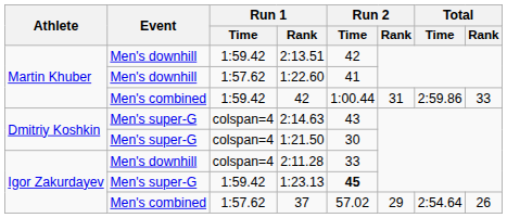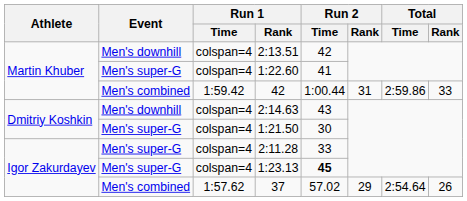 <table class="wikitable" style="font-size:90%">
 <tr>
 <th rowspan=2>Athlete</th>
 <th rowspan=2>Event</th>
 <th colspan=2>Run 1</th>
 <th colspan=2>Run 2</th>
 <th colspan=2>Total</th>
 </tr>
 <tr style="font-size:95%">
 <th>Time</th>
 <th>Rank</th>
 <th>Time</th>
 <th>Rank</th>
 <th>Time</th>
 <th>Rank</th>
 </tr>
 <tr align=center>
 <td align=left rowspan=3><a href='#'>Martin Khuber</a></td>
 <td align=left><a href='#'>Men's downhill</a></td>
-<td>1:59.42</td>
+<td>colspan=4 </td>
 <td>2:13.51</td>
 <td>42</td>
 </tr>
 <tr align=center>
-<td align=left><a href='#'>Men's downhill</a></td>
-<td>1:57.62</td>
+<td align=left><a href='#'>Men's super-G</a></td>
+<td>colspan=4 </td>
 <td>1:22.60</td>
 <td>41</td>
 </tr>
 <tr align=center>
 <td align=left><a href='#'>Men's combined</a></td>
 <td>1:59.42</td>
 <td>42</td>
 <td>1:00.44</td>
 <td>31</td>
 <td>2:59.86</td>
 <td>33</td>
 </tr>
 <tr align=center>
 <td align=left rowspan=2><a href='#'>Dmitriy Koshkin</a></td>
-<td align=left><a href='#'>Men's super-G</a></td>
+<td align=left><a href='#'>Men's downhill</a></td>
 <td>colspan=4 </td>
 <td>2:14.63</td>
 <td>43</td>
 </tr>
 <tr align=center>
 <td align=left><a href='#'>Men's super-G</a></td>
 <td>colspan=4 </td>
 <td>1:21.50</td>
 <td>30</td>
 </tr>
 <tr align=center>
 <td align=left rowspan=3><a href='#'>Igor Zakurdayev</a></td>
-<td align=left><a href='#'>Men's downhill</a></td>
+<td align=left><a href='#'>Men's super-G</a></td>
 <td>colspan=4 </td>
 <td>2:11.28</td>
 <td>33</td>
 </tr>
 <tr align=center>
 <td align=left><a href='#'>Men's super-G</a></td>
-<td>1:59.42</td>
+<td>colspan=4 </td>
 <td>1:23.13</td>
 <td><strong>45</strong></td>
 </tr>
 <tr align=center>
 <td align=left><a href='#'>Men's combined</a></td>
 <td>1:57.62</td>
 <td>37</td>
 <td>57.02</td>
 <td>29</td>
 <td>2:54.64</td>
 <td>26</td>
 </tr>
 </table>
